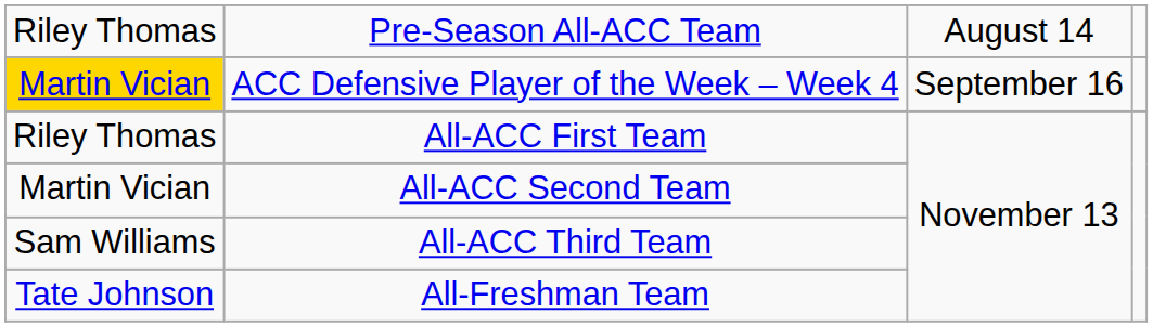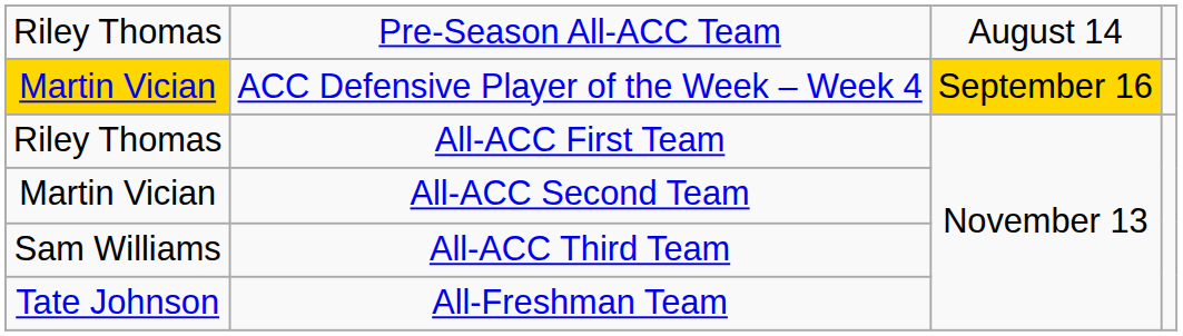 <table class="wikitable sortable" style="text-align: center">
 <tr>
 <td>Riley Thomas</td>
 <td><a href='#'>Pre-Season All-ACC Team</a></td>
 <td>August 14</td>
 <td></td>
 </tr>
 <tr>
 <td style="background: gold;"><a href='#'>Martin Vician</a></td>
 <td><a href='#'>ACC Defensive Player of the Week – Week 4</a></td>
-<td>September 16</td>
+<td style="background: gold;">September 16</td>
 <td></td>
 </tr>
 <tr>
 <td>Riley Thomas</td>
 <td><a href='#'>All-ACC First Team</a></td>
 <td rowspan=4>November 13</td>
 <td rowspan=4></td>
 </tr>
 <tr>
 <td>Martin Vician</td>
 <td><a href='#'>All-ACC Second Team</a></td>
 </tr>
 <tr>
 <td>Sam Williams</td>
 <td><a href='#'>All-ACC Third Team</a></td>
 </tr>
 <tr>
 <td><a href='#'>Tate Johnson</a></td>
 <td><a href='#'>All-Freshman Team</a></td>
 </tr>
 </table>
